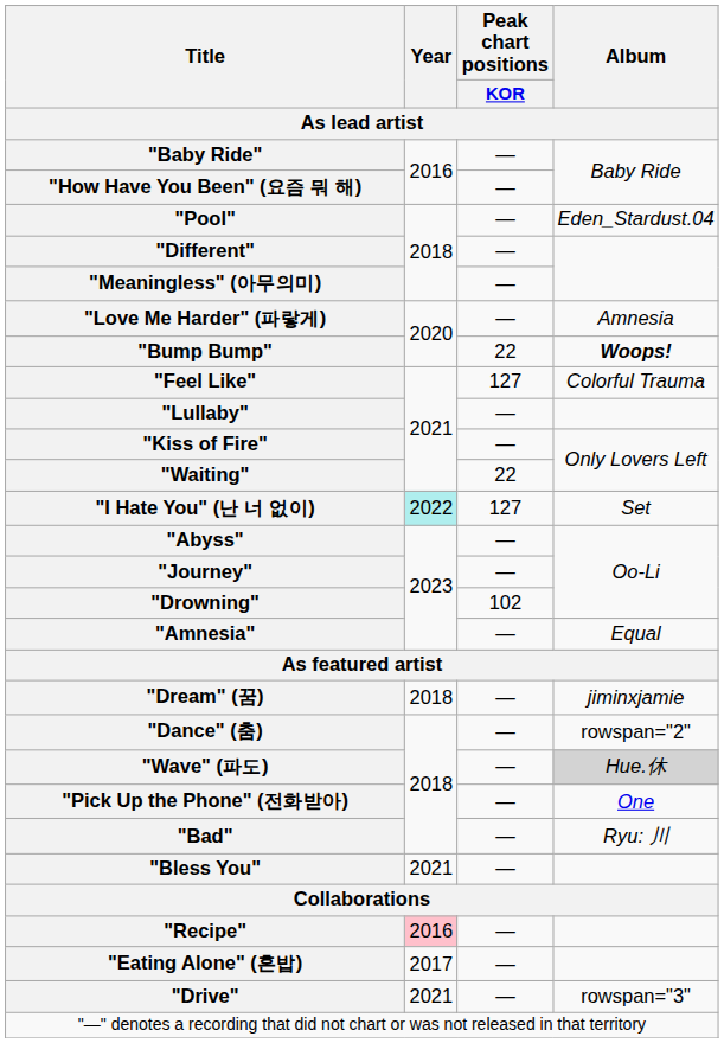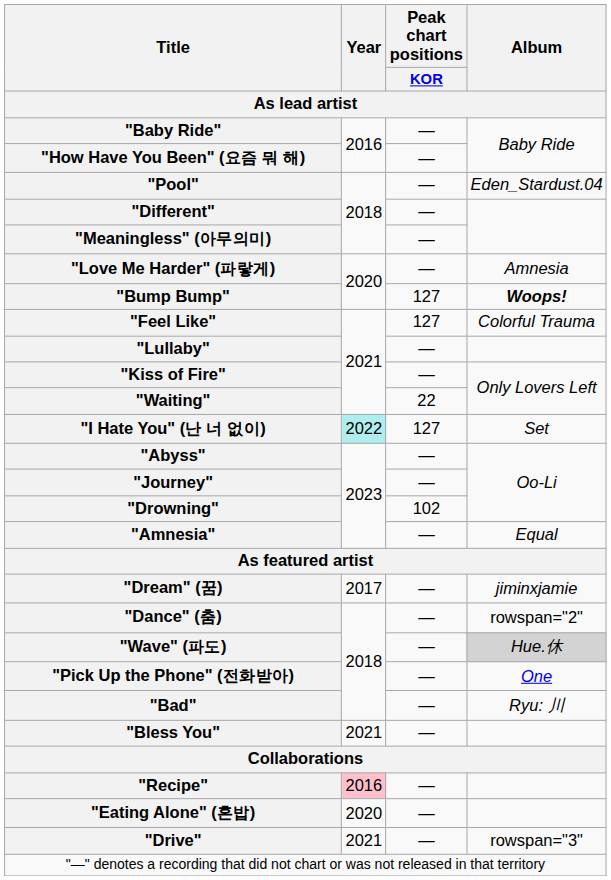 <table class="wikitable plainrowheaders" style="text-align:center;" border="1">
 <tr>
 <th scope="col" rowspan="2" style="width:20em;">Title</th>
 <th scope="col" rowspan="2">Year</th>
 <th scope="col">Peak chart positions</th>
 <th scope="col" rowspan="2">Album</th>
 </tr>
 <tr>
 <th scope="col" style="width:3em;font-size:90%;"><a href='#'>KOR</a><br></th>
 </tr>
 <tr>
 <th colspan="5">As lead artist</th>
 </tr>
 <tr>
 <th scope="row">"Baby Ride"<br></th>
 <td rowspan="2">2016</td>
 <td>—</td>
 <td rowspan="2"><em>Baby Ride</em></td>
 </tr>
 <tr>
 <th scope="row">"How Have You Been" (요즘 뭐 해)</th>
 <td>—</td>
 </tr>
 <tr>
 <th scope="row">"Pool"</th>
 <td rowspan="3">2018</td>
 <td>—</td>
 <td><em>Eden_Stardust.04</em></td>
 </tr>
 <tr>
 <th scope="row">"Different"</th>
 <td>—</td>
 </tr>
 <tr>
 <th scope="row">"Meaningless" (아무의미)</th>
 <td>—</td>
 </tr>
 <tr>
 <th scope="row">"Love Me Harder" (파랗게)</th>
 <td rowspan="2">2020</td>
 <td>—</td>
 <td><em>Amnesia</em></td>
 </tr>
 <tr>
 <th scope="row">"Bump Bump"</th>
-<td>22</td>
+<td>127</td>
 <td><strong><em>Woops!</em></strong></td>
 </tr>
 <tr>
 <th scope="row">"Feel Like"</th>
 <td rowspan="4">2021</td>
 <td>127</td>
 <td><em>Colorful Trauma</em></td>
 </tr>
 <tr>
 <th scope="row">"Lullaby"</th>
 <td>—</td>
 <td></td>
 </tr>
 <tr>
 <th scope="row">"Kiss of Fire"</th>
 <td>—</td>
 <td rowspan="2"><em>Only Lovers Left</em></td>
 </tr>
 <tr>
 <th scope="row">"Waiting"</th>
 <td>22</td>
 </tr>
 <tr>
 <th scope="row">"I Hate You" (난 너 없이)</th>
 <td style="background: paleturquoise;">2022</td>
 <td>127</td>
 <td><em>Set</em></td>
 </tr>
 <tr>
 <th scope="row">"Abyss"</th>
 <td rowspan="4">2023</td>
 <td>—</td>
 <td rowspan="3"><em>Oo-Li</em></td>
 </tr>
 <tr>
 <th scope="row">"Journey"</th>
 <td>—</td>
 </tr>
 <tr>
 <th scope="row">"Drowning"</th>
 <td>102</td>
 </tr>
 <tr>
 <th scope="row">"Amnesia"</th>
 <td>—</td>
 <td><em>Equal</em></td>
 </tr>
 <tr>
 <th colspan="5">As featured artist</th>
 </tr>
 <tr>
 <th scope="row">"Dream" (꿈)<br></th>
-<td>2018</td>
+<td>2017</td>
 <td>—</td>
 <td><em>jiminxjamie</em></td>
 </tr>
 <tr>
 <th scope="row">"Dance" (춤)<br></th>
 <td rowspan="4">2018</td>
 <td>—</td>
 <td>rowspan="2" </td>
 </tr>
 <tr>
 <th scope="row">"Wave" (파도)<br></th>
 <td>—</td>
 <td style="background: lightgrey;"><em>Hue.休</em></td>
 </tr>
 <tr>
 <th scope="row">"Pick Up the Phone" (전화받아)<br></th>
 <td>—</td>
 <td><em><a href='#'>One</a></em></td>
 </tr>
 <tr>
 <th scope="row">"Bad"<br></th>
 <td>—</td>
 <td><em>Ryu: 川</em></td>
 </tr>
 <tr>
 <th scope="row">"Bless You"<br></th>
 <td>2021</td>
 <td>—</td>
 </tr>
 <tr>
 <th colspan="5">Collaborations</th>
 </tr>
 <tr>
 <th scope="row">"Recipe"<br></th>
 <td style="background: pink;">2016</td>
 <td>—</td>
 <td></td>
 </tr>
 <tr>
 <th scope="row">"Eating Alone" (혼밥)<br></th>
-<td>2017</td>
+<td>2020</td>
 <td>—</td>
 <td><em></em></td>
 </tr>
 <tr>
 <th scope="row">"Drive"<br></th>
 <td>2021</td>
 <td>—</td>
 <td>rowspan="3" </td>
 </tr>
 <tr>
 <td colspan="4" style="font-size:85%;">"—" denotes a recording that did not chart or was not released in that territory</td>
 </tr>
 </table>
